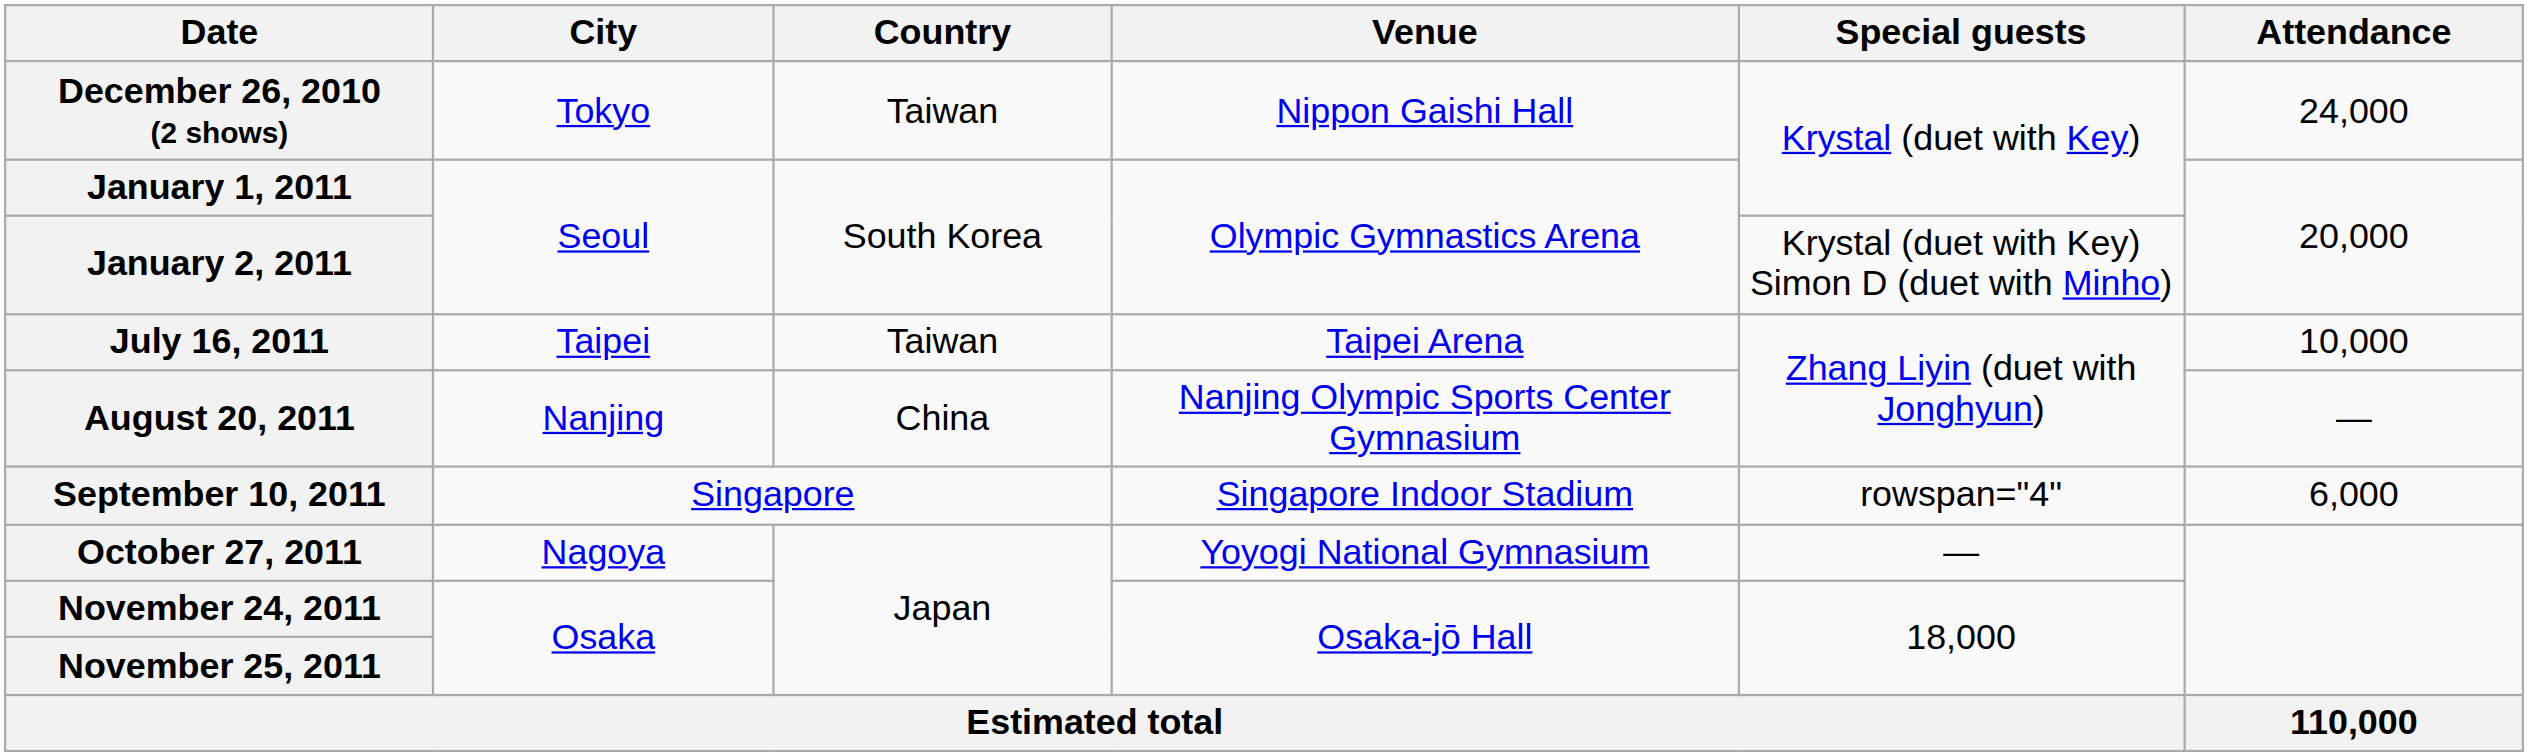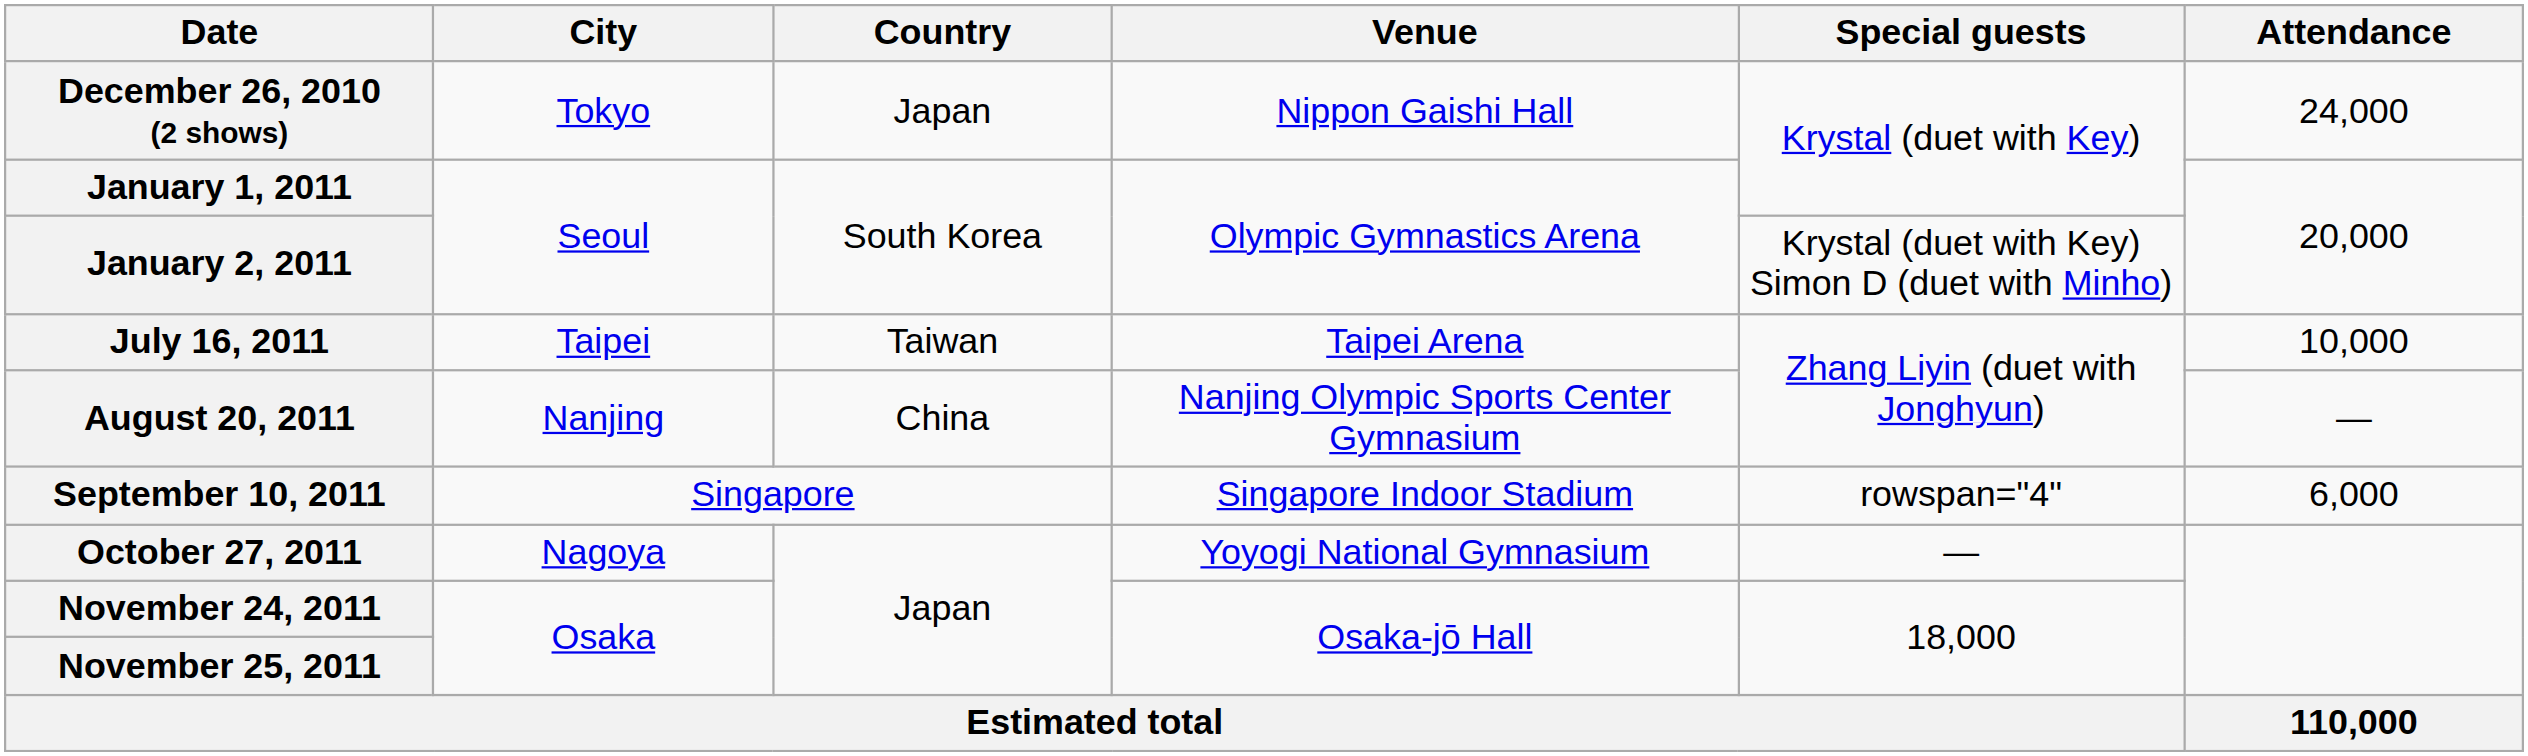 <table class="wikitable plainrowheaders" style="text-align:center;">
 <tr>
 <th scope="col" style="width:11.5em;">Date</th>
 <th scope="col" style="width:9em;">City</th>
 <th scope="col" style="width:9em;">Country</th>
 <th scope="col" style="width:17em;">Venue</th>
 <th scope="col" style="width:12em;">Special guests</th>
 <th scope="col" style="width:9em;">Attendance</th>
 </tr>
 <tr>
 <th scope="row" style="text-align:center">December 26, 2010 <br> <small>(2 shows)</small></th>
 <td><a href='#'>Tokyo</a></td>
-<td>Taiwan</td>
+<td>Japan</td>
 <td><a href='#'>Nippon Gaishi Hall</a></td>
 <td rowspan="2"><a href='#'>Krystal</a> (duet with <a href='#'>Key</a>)</td>
 <td>24,000</td>
 </tr>
 <tr>
 <th scope="row" style="text-align:center">January 1, 2011</th>
 <td rowspan="2"><a href='#'>Seoul</a></td>
 <td rowspan="2">South Korea</td>
 <td rowspan="2"><a href='#'>Olympic Gymnastics Arena</a></td>
 <td rowspan="2">20,000</td>
 </tr>
 <tr>
 <th scope="row" style="text-align:center">January 2, 2011</th>
 <td>Krystal (duet with Key) <br>Simon D (duet with <a href='#'>Minho</a>)</td>
 </tr>
 <tr>
 <th scope="row" style="text-align:center">July 16, 2011</th>
 <td><a href='#'>Taipei</a></td>
 <td>Taiwan</td>
 <td><a href='#'>Taipei Arena</a></td>
 <td rowspan="2"><a href='#'>Zhang Liyin</a> (duet with <a href='#'>Jonghyun</a>)</td>
 <td>10,000</td>
 </tr>
 <tr>
 <th scope="row" style="text-align:center">August 20, 2011</th>
 <td><a href='#'>Nanjing</a></td>
 <td>China</td>
 <td><a href='#'>Nanjing Olympic Sports Center Gymnasium</a></td>
 <td>—</td>
 </tr>
 <tr>
 <th scope="row" style="text-align:center">September 10, 2011</th>
 <td colspan=2><a href='#'>Singapore</a></td>
 <td><a href='#'>Singapore Indoor Stadium</a></td>
 <td>rowspan="4" </td>
 <td>6,000</td>
 </tr>
 <tr>
 <th scope="row" style="text-align:center">October 27, 2011</th>
 <td><a href='#'>Nagoya</a></td>
 <td rowspan="3">Japan</td>
 <td><a href='#'>Yoyogi National Gymnasium</a></td>
 <td>—</td>
 </tr>
 <tr>
 <th scope="row" style="text-align:center">November 24, 2011</th>
 <td rowspan="2"><a href='#'>Osaka</a></td>
 <td rowspan="2"><a href='#'>Osaka-jō Hall</a></td>
 <td rowspan="2">18,000</td>
 </tr>
 <tr>
 <th scope="row" style="text-align:center">November 25, 2011</th>
 </tr>
 <tr>
 <th colspan="5">Estimated total</th>
 <th>110,000</th>
 </tr>
 </table>
